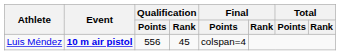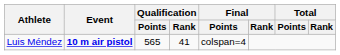 <table class=wikitable style=font-size:90%;text-align:center>
 <tr>
 <th rowspan=2>Athlete</th>
 <th rowspan=2>Event</th>
 <th colspan=2>Qualification</th>
 <th colspan=2>Final</th>
 <th colspan=2>Total</th>
 </tr>
 <tr style=font-size:95%>
 <th>Points</th>
 <th>Rank</th>
 <th>Points</th>
 <th>Rank</th>
 <th>Points</th>
 <th>Rank</th>
 </tr>
 <tr>
 <td align=left><a href='#'>Luis Méndez</a></td>
 <td align=left><strong><a href='#'>10 m air pistol</a></strong></td>
-<td>556</td>
-<td>45</td>
+<td>565</td>
+<td>41</td>
 <td>colspan=4 </td>
 </tr>
 </table>
